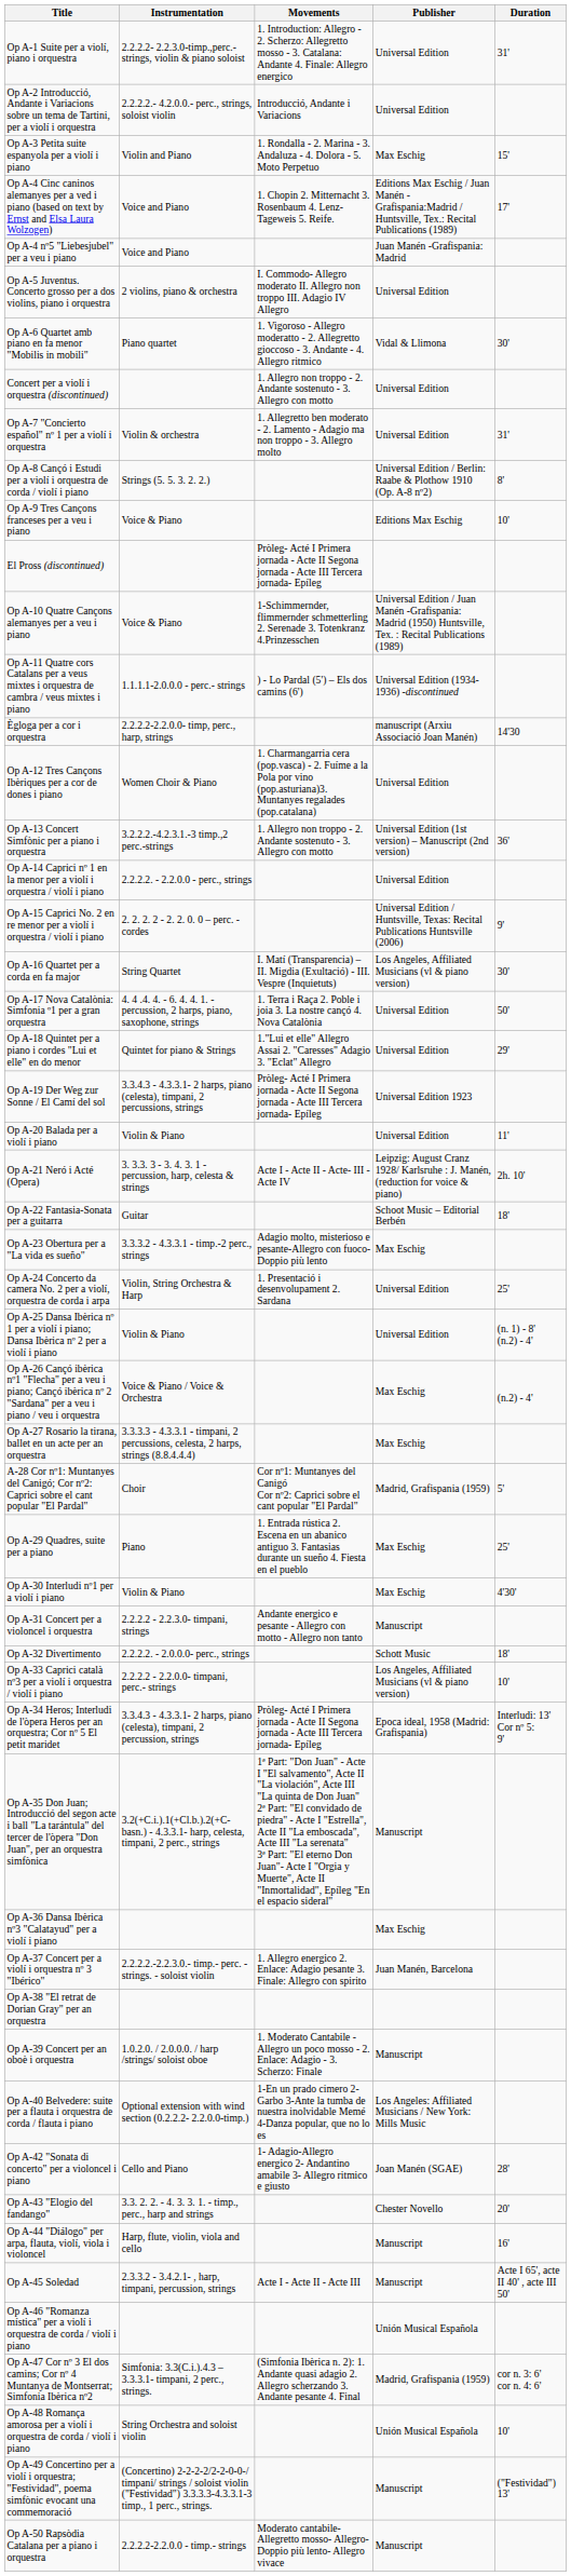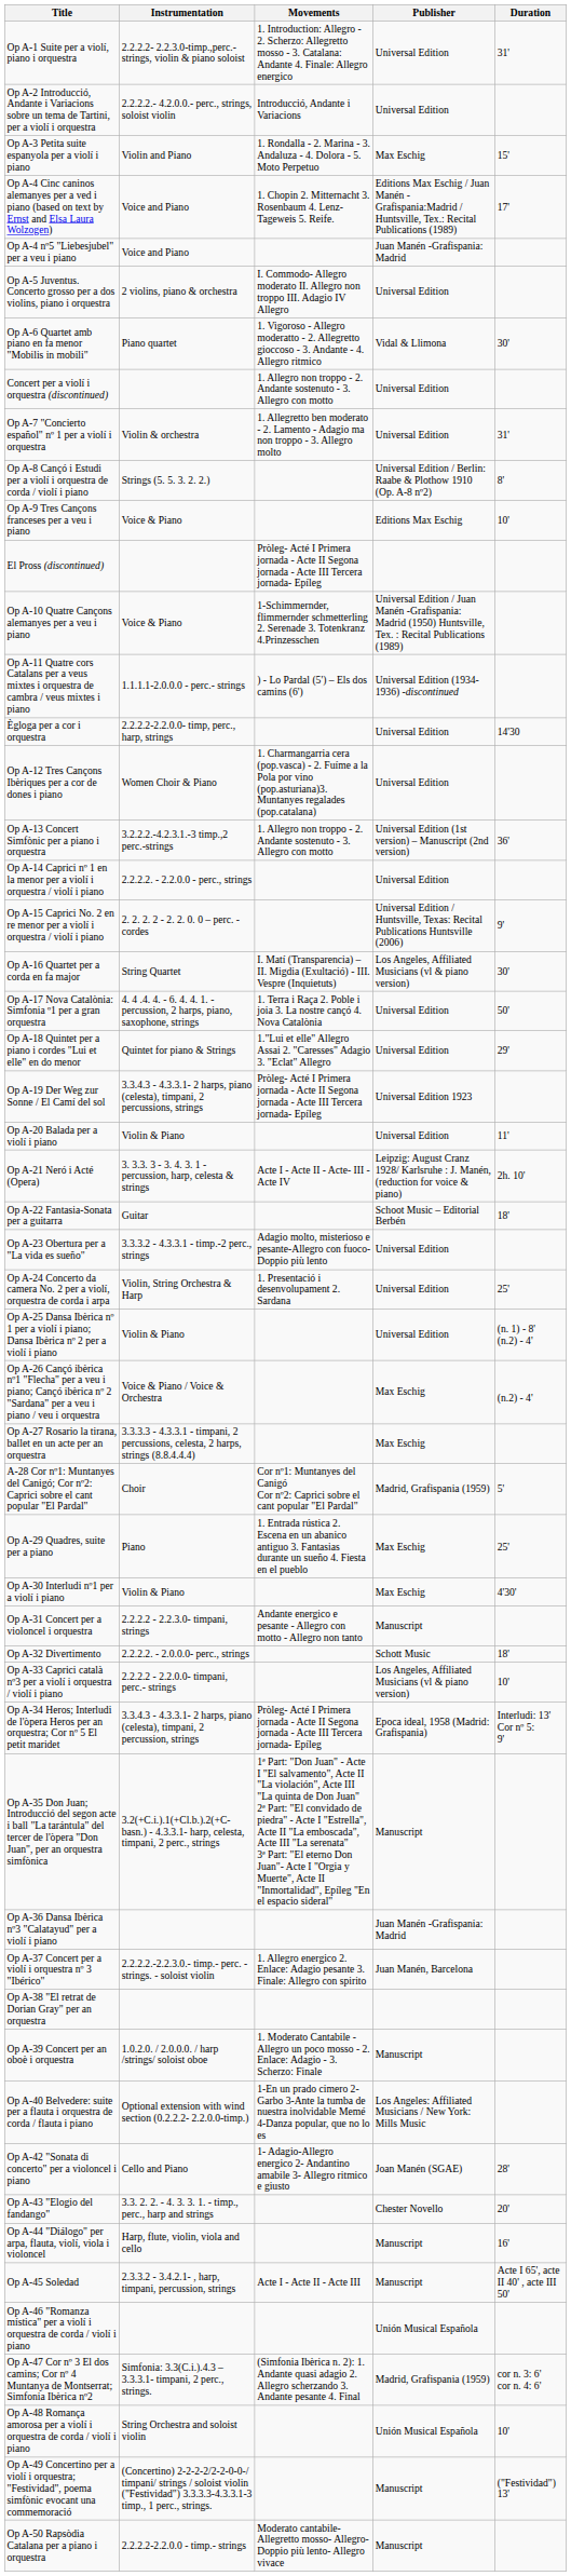 <table class="wikitable">
 <tr>
 <th>Title</th>
 <th>Instrumentation</th>
 <th>Movements</th>
 <th>Publisher</th>
 <th>Duration</th>
 </tr>
 <tr>
 <td>Op A-1 Suite per a violí, piano i orquestra</td>
 <td>2.2.2.2- 2.2.3.0-timp.,perc.-strings, violin & piano soloist</td>
 <td>1. Introduction: Allegro - 2. Scherzo: Allegretto mosso - 3. Catalana: Andante 4. Finale: Allegro energico</td>
 <td>Universal Edition</td>
 <td>31'</td>
 </tr>
 <tr>
 <td>Op A-2 Introducció, Andante i Variacions sobre un tema de Tartini, per a violí i orquestra</td>
 <td>2.2.2.2.- 4.2.0.0.- perc., strings, soloist violin</td>
 <td>Introducció, Andante i Variacions</td>
 <td>Universal Edition</td>
 <td></td>
 </tr>
 <tr>
 <td>Op A-3 Petita suite espanyola per a violí i piano</td>
 <td>Violin and Piano</td>
 <td>1. Rondalla - 2. Marina - 3. Andaluza - 4. Dolora - 5. Moto Perpetuo</td>
 <td>Max Eschig</td>
 <td>15'</td>
 </tr>
 <tr>
 <td>Op A-4 Cinc caninos alemanyes per a ved i piano (based on text by <a href='#'>Ernst</a> and <a href='#'>Elsa Laura Wolzogen</a>)</td>
 <td>Voice and Piano</td>
 <td>1. Chopin 2. Mitternacht 3. Rosenbaum 4. Lenz-Tageweis 5. Reife.</td>
 <td>Editions Max Eschig / Juan Manén - Grafispania:Madrid / Huntsville, Tex.: Recital Publications (1989)</td>
 <td>17'</td>
 </tr>
 <tr>
 <td>Op A-4 nº5 "Liebesjubel" per a veu i piano</td>
 <td>Voice and Piano</td>
 <td></td>
 <td>Juan Manén -Grafispania: Madrid</td>
 <td></td>
 </tr>
 <tr>
 <td>Op A-5 Juventus. Concerto grosso per a dos violins, piano i orquestra</td>
 <td>2 violins, piano & orchestra</td>
 <td>I. Commodo- Allegro moderato II. Allegro non troppo III. Adagio IV Allegro</td>
 <td>Universal Edition</td>
 <td></td>
 </tr>
 <tr>
 <td>Op A-6 Quartet amb piano en fa menor "Mobilis in mobili"</td>
 <td>Piano quartet</td>
 <td>1. Vigoroso - Allegro moderatto - 2. Allegretto gioccoso - 3. Andante - 4. Allegro ritmico</td>
 <td>Vidal & Llimona</td>
 <td>30'</td>
 </tr>
 <tr>
 <td>Concert per a violí i orquestra <em>(discontinued)</em></td>
 <td></td>
 <td>1. Allegro non troppo - 2. Andante sostenuto - 3. Allegro con motto</td>
 <td>Universal Edition</td>
 <td></td>
 </tr>
 <tr>
 <td>Op A-7 "Concierto español" nº 1 per a violí i orquestra</td>
 <td>Violin & orchestra</td>
 <td>1. Allegretto ben moderato - 2. Lamento - Adagio ma non troppo - 3. Allegro molto</td>
 <td>Universal Edition</td>
 <td>31'</td>
 </tr>
 <tr>
 <td>Op A-8 Cançó i Estudi per a violí i orquestra de corda / violí i piano</td>
 <td>Strings (5. 5. 3. 2. 2.)</td>
 <td></td>
 <td>Universal Edition / Berlin: Raabe & Plothow 1910 (Op. A-8 nº2)</td>
 <td>8'</td>
 </tr>
 <tr>
 <td>Op A-9 Tres Cançons franceses per a veu i piano</td>
 <td>Voice & Piano</td>
 <td></td>
 <td>Editions Max Eschig</td>
 <td>10'</td>
 </tr>
 <tr>
 <td>El Pross <em>(discontinued)</em></td>
 <td></td>
 <td>Pròleg- Acté I Primera jornada - Acte II Segona jornada - Acte III Tercera jornada- Epíleg</td>
 <td></td>
 <td></td>
 </tr>
 <tr>
 <td>Op A-10 Quatre Cançons alemanyes per a veu i piano</td>
 <td>Voice & Piano</td>
 <td>1-Schimmernder, flimmernder schmetterling 2. Serenade 3. Totenkranz 4.Prinzesschen</td>
 <td>Universal Edition / Juan Manén -Grafispania: Madrid (1950) Huntsville, Tex. : Recital Publications (1989)</td>
 <td></td>
 </tr>
 <tr>
 <td>Op A-11 Quatre cors Catalans per a veus mixtes i orquestra de cambra / veus mixtes i piano</td>
 <td>1.1.1.1-2.0.0.0 - perc.- strings</td>
 <td>) - Lo Pardal (5') – Els dos camins (6')</td>
 <td>Universal Edition (1934-1936) -<em>discontinued</em></td>
 <td></td>
 </tr>
 <tr>
 <td>Ègloga per a cor i orquestra</td>
 <td>2.2.2.2-2.2.0.0- timp, perc., harp, strings</td>
 <td></td>
-<td>manuscript (Arxiu Associació Joan Manén)</td>
+<td>Universal Edition</td>
 <td>14'30</td>
 </tr>
 <tr>
 <td>Op A-12 Tres Cançons Ibèriques per a cor de dones i piano</td>
 <td>Women Choir & Piano</td>
 <td>1. Charmangarria cera (pop.vasca) - 2. Fuíme a la Pola por vino (pop.asturiana)3. Muntanyes regalades (pop.catalana)</td>
 <td>Universal Edition</td>
 <td></td>
 </tr>
 <tr>
 <td>Op A-13 Concert Simfònic per a piano i orquestra</td>
 <td>3.2.2.2.-4.2.3.1.-3 timp.,2 perc.-strings</td>
 <td>1. Allegro non troppo - 2. Andante sostenuto - 3. Allegro con motto</td>
 <td>Universal Edition (1st version) – Manuscript (2nd version)</td>
 <td>36'</td>
 </tr>
 <tr>
 <td>Op A-14 Caprici nº 1 en la menor per a violí i orquestra / violí i piano</td>
 <td>2.2.2.2. - 2.2.0.0 - perc., strings</td>
 <td></td>
 <td>Universal Edition</td>
 <td></td>
 </tr>
 <tr>
 <td>Op A-15 Caprici No. 2 en re menor per a violí i orquestra / violí i piano</td>
 <td>2. 2. 2. 2 - 2. 2. 0. 0 – perc. - cordes</td>
 <td></td>
 <td>Universal Edition / Huntsville, Texas: Recital Publications Huntsville (2006)</td>
 <td>9'</td>
 </tr>
 <tr>
 <td>Op A-16 Quartet per a corda en fa major</td>
 <td>String Quartet</td>
 <td>I. Matí (Transparencia) – II. Migdia (Exultació) - III. Vespre (Inquietuts)</td>
 <td>Los Angeles, Affiliated Musicians (vl & piano version)</td>
 <td>30'</td>
 </tr>
 <tr>
 <td>Op A-17 Nova Catalònia: Simfonia º1 per a gran orquestra</td>
 <td>4. 4 .4. 4. - 6. 4. 4. 1. - percussion, 2 harps, piano, saxophone, strings</td>
 <td>1. Terra i Raça 2. Poble i joia 3. La nostre cançó 4. Nova Catalònia</td>
 <td>Universal Edition</td>
 <td>50'</td>
 </tr>
 <tr>
 <td>Op A-18 Quintet per a piano i cordes "Lui et elle" en do menor</td>
 <td>Quintet for piano & Strings</td>
 <td>1."Lui et elle" Allegro Assai 2. "Caresses" Adagio 3. "Eclat" Allegro</td>
 <td>Universal Edition</td>
 <td>29'</td>
 </tr>
 <tr>
 <td>Op A-19 Der Weg zur Sonne / El Camí del sol</td>
 <td>3.3.4.3 - 4.3.3.1- 2 harps, piano (celesta), timpani, 2 percussions, strings</td>
 <td>Pròleg- Acté I Primera jornada - Acte II Segona jornada - Acte III Tercera jornada- Epíleg</td>
 <td>Universal Edition 1923</td>
 <td></td>
 </tr>
 <tr>
 <td>Op A-20 Balada per a violí i piano</td>
 <td>Violin & Piano</td>
 <td></td>
 <td>Universal Edition</td>
 <td>11'</td>
 </tr>
 <tr>
 <td>Op A-21 Neró i Acté (Opera)</td>
 <td>3. 3.3. 3 - 3. 4. 3. 1 - percussion, harp, celesta & strings</td>
 <td>Acte I - Acte II - Acte- III - Acte IV</td>
 <td>Leipzig: August Cranz 1928/ Karlsruhe : J. Manén, (reduction for voice & piano)</td>
 <td>2h. 10'</td>
 </tr>
 <tr>
 <td>Op A-22 Fantasia-Sonata per a guitarra</td>
 <td>Guitar</td>
 <td></td>
 <td>Schoot Music – Editorial Berbén</td>
 <td>18'</td>
 </tr>
 <tr>
 <td>Op A-23 Obertura per a "La vida es sueño"</td>
 <td>3.3.3.2 - 4.3.3.1 - timp.-2 perc., strings</td>
 <td>Adagio molto, misterioso e pesante-Allegro con fuoco-Doppio più lento</td>
-<td>Max Eschig</td>
+<td>Universal Edition</td>
 <td></td>
 </tr>
 <tr>
 <td>Op A-24 Concerto da camera No. 2 per a violí, orquestra de corda i arpa</td>
 <td>Violin, String Orchestra & Harp</td>
 <td>1. Presentació i desenvolupament 2. Sardana</td>
 <td>Universal Edition</td>
 <td>25'</td>
 </tr>
 <tr>
 <td>Op A-25 Dansa Ibèrica nº 1 per a violí i piano; Dansa Ibèrica nº 2 per a violí i piano</td>
 <td>Violin & Piano</td>
 <td></td>
 <td>Universal Edition</td>
 <td>(n. 1) - 8'<br>(n.2) - 4'</td>
 </tr>
 <tr>
 <td>Op A-26 Cançó ibèrica nº1 "Flecha" per a veu i piano; Cançó ibèrica nº 2 "Sardana" per a veu i piano / veu i orquestra</td>
 <td>Voice & Piano / Voice & Orchestra</td>
 <td></td>
 <td>Max Eschig</td>
 <td><br>(n.2) - 4'</td>
 </tr>
 <tr>
 <td>Op A-27 Rosario la tirana, ballet en un acte per an orquestra</td>
 <td>3.3.3.3 - 4.3.3.1 - timpani, 2 percussions, celesta, 2 harps, strings (8.8.4.4.4)</td>
 <td></td>
 <td>Max Eschig</td>
 <td></td>
 </tr>
 <tr>
 <td>A-28 Cor nº1: Muntanyes del Canigó; Cor nº2: Caprici sobre el cant popular "El Pardal"</td>
 <td>Choir</td>
 <td>Cor nº1: Muntanyes del Canigó<br>Cor nº2: Caprici sobre el cant popular "El Pardal"</td>
 <td>Madrid, Grafispania (1959)</td>
 <td>5'</td>
 </tr>
 <tr>
 <td>Op A-29 Quadres, suite per a piano</td>
 <td>Piano</td>
 <td>1. Entrada rústica 2. Escena en un abanico antiguo 3. Fantasias durante un sueño 4. Fiesta en el pueblo</td>
 <td>Max Eschig</td>
 <td>25'</td>
 </tr>
 <tr>
 <td>Op A-30 Interludi nº1 per a violí i piano</td>
 <td>Violin & Piano</td>
 <td></td>
 <td>Max Eschig</td>
 <td>4'30'</td>
 </tr>
 <tr>
 <td>Op A-31 Concert per a violoncel i orquestra</td>
 <td>2.2.2.2 - 2.2.3.0- timpani, strings</td>
 <td>Andante energico e pesante - Allegro con motto - Allegro non tanto</td>
 <td>Manuscript</td>
 <td></td>
 </tr>
 <tr>
 <td>Op A-32 Divertimento</td>
 <td>2.2.2.2. - 2.0.0.0- perc., strings</td>
 <td></td>
 <td>Schott Music</td>
 <td>18'</td>
 </tr>
 <tr>
 <td>Op A-33 Caprici català nº3 per a violí i orquestra / violí i piano</td>
 <td>2.2.2.2 - 2.2.0.0- timpani, perc.- strings</td>
 <td></td>
 <td>Los Angeles, Affiliated Musicians (vl & piano version)</td>
 <td>10'</td>
 </tr>
 <tr>
 <td>Op A-34 Heros; Interludi de l'òpera Heros per an orquestra; Cor nº 5 El petit maridet</td>
 <td>3.3.4.3 - 4.3.3.1- 2 harps, piano (celesta), timpani, 2 percussion, strings</td>
 <td>Pròleg- Acté I Primera jornada - Acte II Segona jornada - Acte III Tercera jornada- Epíleg</td>
 <td>Epoca ideal, 1958 (Madrid: Grafispania)</td>
 <td>Interludi: 13'<br>Cor nº 5:<br>9'</td>
 </tr>
 <tr>
 <td>Op A-35 Don Juan; Introducció del segon acte i ball "La tarántula" del tercer de l'òpera "Don Juan", per an orquestra simfònica</td>
 <td>3.2(+C.i.).1(+Cl.b.).2(+C-basn.) - 4.3.3.1- harp, celesta, timpani, 2 perc., strings</td>
 <td>1ª Part: "Don Juan" - Acte I "El salvamento", Acte II "La violación", Acte III "La quinta de Don Juan"<br>2ª Part: "El convidado de piedra" - Acte I "Estrella", Acte II "La emboscada", Acte III "La serenata"<br>3ª Part: "El eterno Don Juan"- Acte I "Orgia y Muerte", Acte II "Inmortalidad", Epíleg "En el espacio sideral"</td>
 <td>Manuscript</td>
 <td></td>
 </tr>
 <tr>
 <td>Op A-36 Dansa Ibèrica nº3 "Calatayud" per a violí i piano</td>
 <td></td>
 <td></td>
-<td>Max Eschig</td>
+<td>Juan Manén -Grafispania: Madrid</td>
 <td></td>
 </tr>
 <tr>
 <td>Op A-37 Concert per a violí i orquestra nº 3 "Ibérico"</td>
 <td>2.2.2.2.-2.2.3.0.- timp.- perc. - strings. - soloist violin</td>
 <td>1. Allegro energico 2. Enlace: Adagio pesante 3. Finale: Allegro con spirito</td>
 <td>Juan Manén, Barcelona</td>
 <td></td>
 </tr>
 <tr>
 <td>Op A-38 "El retrat de Dorian Gray" per an orquestra</td>
 <td></td>
 <td></td>
 <td></td>
 <td></td>
 </tr>
 <tr>
 <td>Op A-39 Concert per an oboè i orquestra</td>
 <td>1.0.2.0. / 2.0.0.0. / harp /strings/ soloist oboe</td>
 <td>1. Moderato Cantabile - Allegro un poco mosso - 2. Enlace: Adagio - 3. Scherzo: Finale</td>
 <td>Manuscript</td>
 <td></td>
 </tr>
 <tr>
 <td>Op A-40 Belvedere: suite per a flauta i orquestra de corda / flauta i piano</td>
 <td>Optional extension with wind section (0.2.2.2- 2.2.0.0-timp.)</td>
 <td>1-En un prado cimero 2-Garbo 3-Ante la tumba de nuestra inolvidable Memé 4-Danza popular, que no lo es</td>
 <td>Los Angeles: Affiliated Musicians / New York: Mills Music</td>
 <td></td>
 </tr>
 <tr>
 <td>Op A-42 "Sonata di concerto" per a violoncel i piano</td>
 <td>Cello and Piano</td>
 <td>1- Adagio-Allegro energico 2- Andantino amabile 3- Allegro ritmico e giusto</td>
 <td>Joan Manén (SGAE)</td>
 <td>28'</td>
 </tr>
 <tr>
 <td>Op A-43 "Elogio del fandango"</td>
 <td>3.3. 2. 2. - 4. 3. 3. 1. - timp., perc., harp and strings</td>
 <td></td>
 <td>Chester Novello</td>
 <td>20'</td>
 </tr>
 <tr>
 <td>Op A-44 "Diálogo" per  arpa, flauta, violí, viola i violoncel</td>
 <td>Harp, flute, violin, viola and cello</td>
 <td></td>
 <td>Manuscript</td>
 <td>16'</td>
 </tr>
 <tr>
 <td>Op A-45 Soledad</td>
 <td>2.3.3.2 - 3.4.2.1- , harp, timpani, percussion, strings</td>
 <td>Acte I - Acte II - Acte III</td>
 <td>Manuscript</td>
 <td>Acte I 65', acte II 40' , acte III 50'</td>
 </tr>
 <tr>
 <td>Op A-46 "Romanza mística" per a violí i orquestra de corda / violí i piano</td>
 <td></td>
 <td></td>
 <td>Unión Musical Española</td>
 <td></td>
 </tr>
 <tr>
 <td>Op A-47 Cor nº 3 El dos camins; Cor nº 4 Muntanya de Montserrat; Simfonia Ibèrica nº2</td>
 <td>Simfonia: 3.3(C.i.).4.3 – 3.3.3.1- timpani, 2 perc., strings.</td>
 <td>(Simfonia Ibèrica n. 2): 1. Andante quasi adagio 2. Allegro scherzando 3. Andante pesante 4. Final</td>
 <td>Madrid, Grafispania (1959)</td>
 <td>cor n. 3: 6'<br>cor n. 4: 6' <br></td>
 </tr>
 <tr>
 <td>Op A-48 Romança amorosa per a violí i orquestra de corda / violí i piano</td>
 <td>String Orchestra and soloist violin</td>
 <td></td>
 <td>Unión Musical Española</td>
 <td>10'</td>
 </tr>
 <tr>
 <td>Op A-49 Concertino per a violí i orquestra; "Festividad", poema simfònic evocant una commemoració</td>
 <td>(Concertino) 2-2-2-2/2-2-0-0-/ timpani/ strings / soloist violin<br>("Festividad") 3.3.3.3-4.3.3.1-3 timp., 1 perc., strings.</td>
 <td></td>
 <td>Manuscript</td>
 <td>("Festividad") 13'</td>
 </tr>
 <tr>
 <td>Op A-50 Rapsòdia Catalana per a piano i orquestra</td>
 <td>2.2.2.2-2.2.0.0 - timp.- strings</td>
 <td>Moderato cantabile- Allegretto mosso- Allegro- Doppio più lento- Allegro vivace</td>
 <td>Manuscript</td>
 <td></td>
 </tr>
 </table>
